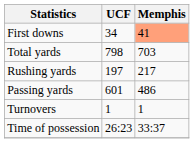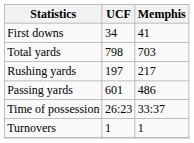 <table class="wikitable">
 <tr>
 <th>Statistics</th>
 <th>UCF</th>
 <th>Memphis</th>
 </tr>
 <tr>
 <td>First downs</td>
 <td>34</td>
-<td style="background: lightsalmon;">41</td>
+<td>41</td>
 </tr>
 <tr>
 <td>Total yards</td>
 <td>798</td>
 <td>703</td>
 </tr>
 <tr>
 <td>Rushing yards</td>
 <td>197</td>
 <td>217</td>
 </tr>
 <tr>
 <td>Passing yards</td>
 <td>601</td>
 <td>486</td>
 </tr>
 <tr>
+<td>Time of possession</td>
+<td>26:23</td>
+<td>33:37</td>
+</tr>
+<tr>
 <td>Turnovers</td>
 <td>1</td>
 <td>1</td>
 </tr>
 <tr>
-<td>Time of possession</td>
-<td>26:23</td>
-<td>33:37</td>
-</tr>
-<tr>
 </tr>
 </table>
